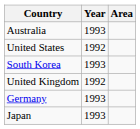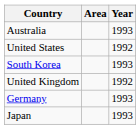 <table class="wikitable sortable" style="text-align: right; display: inline-table;">
 <tr>
 <th>Country</th>
+<th>Area</th>
 <th>Year</th>
-<th>Area</th>
 </tr>
 <tr>
 <td style="text-align:left;">Australia</td>
+<td></td>
 <td>1993</td>
-<td></td>
 </tr>
 <tr>
 <td style="text-align:left;">United States</td>
+<td></td>
 <td>1992</td>
-<td></td>
 </tr>
 <tr>
 <td style="text-align:left;"><a href='#'>South Korea</a></td>
+<td></td>
 <td>1993</td>
-<td></td>
 </tr>
 <tr>
 <td style="text-align:left;">United Kingdom</td>
+<td></td>
 <td>1992</td>
-<td></td>
 </tr>
 <tr>
 <td style="text-align:left;"><a href='#'>Germany</a></td>
+<td></td>
 <td>1993</td>
-<td></td>
 </tr>
 <tr>
 <td style="text-align:left;">Japan</td>
+<td></td>
 <td>1993</td>
-<td></td>
 </tr>
 </table>
